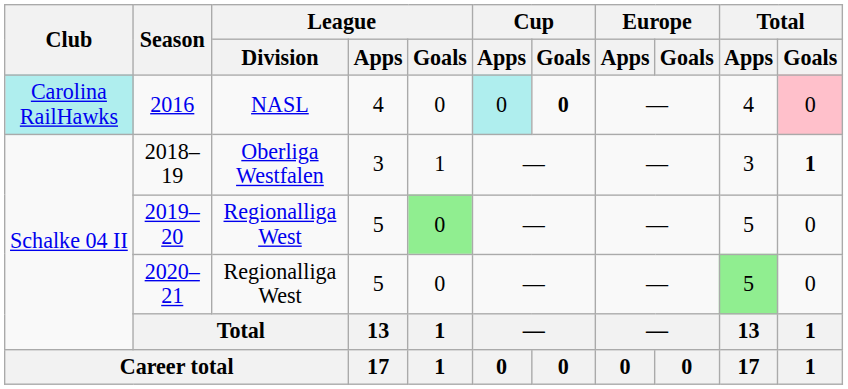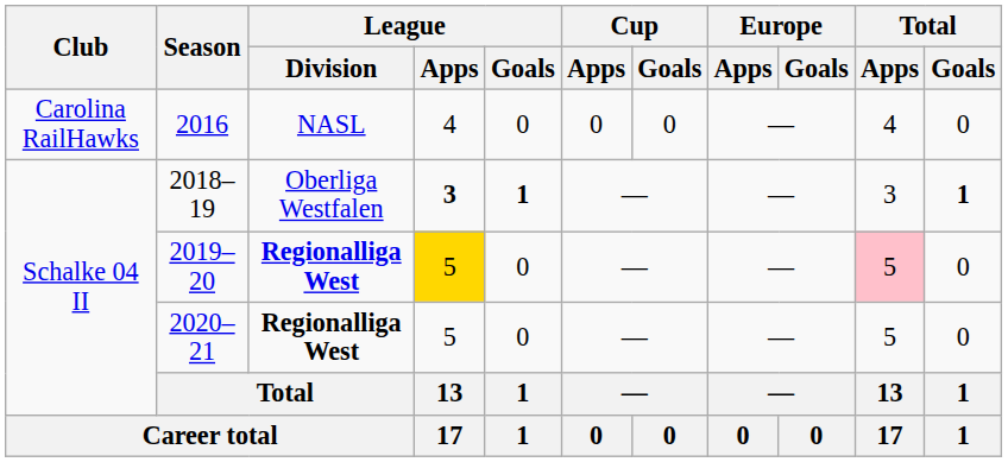 <table class="wikitable" style="text-align:center">
 <tr>
 <th rowspan="2">Club</th>
 <th rowspan="2">Season</th>
 <th colspan="3">League</th>
 <th colspan="2">Cup</th>
 <th colspan="2">Europe</th>
 <th colspan="2">Total</th>
 </tr>
 <tr>
 <th>Division</th>
 <th>Apps</th>
 <th>Goals</th>
 <th>Apps</th>
 <th>Goals</th>
 <th>Apps</th>
 <th>Goals</th>
 <th>Apps</th>
 <th>Goals</th>
 </tr>
 <tr>
-<td style="background: paleturquoise;"><a href='#'>Carolina RailHawks</a></td>
+<td><a href='#'>Carolina RailHawks</a></td>
 <td><a href='#'>2016</a></td>
 <td><a href='#'>NASL</a></td>
 <td>4</td>
 <td>0</td>
-<td style="background: paleturquoise;">0</td>
-<td><strong>0</strong></td>
+<td>0</td>
+<td>0</td>
 <td colspan="2">—</td>
 <td>4</td>
-<td style="background: pink;">0</td>
+<td>0</td>
 </tr>
 <tr>
 <td rowspan="4"><a href='#'>Schalke 04 II</a></td>
 <td>2018–19</td>
 <td><a href='#'>Oberliga Westfalen</a></td>
-<td>3</td>
-<td>1</td>
+<td><strong>3</strong></td>
+<td><strong>1</strong></td>
 <td colspan="2">—</td>
 <td colspan="2">—</td>
 <td>3</td>
 <td><strong>1</strong></td>
 </tr>
 <tr>
 <td><a href='#'>2019–20</a></td>
-<td><a href='#'>Regionalliga West</a></td>
-<td>5</td>
-<td style="background: lightgreen;">0</td>
+<td><strong><a href='#'>Regionalliga West</a></strong></td>
+<td style="background: gold;">5</td>
+<td>0</td>
 <td colspan="2">—</td>
 <td colspan="2">—</td>
-<td>5</td>
+<td style="background: pink;">5</td>
 <td>0</td>
 </tr>
 <tr>
 <td><a href='#'>2020–21</a></td>
-<td>Regionalliga West</td>
+<td><strong>Regionalliga West</strong></td>
 <td>5</td>
 <td>0</td>
 <td colspan="2">—</td>
 <td colspan="2">—</td>
-<td style="background: lightgreen;">5</td>
+<td>5</td>
 <td>0</td>
 </tr>
 <tr>
 <th colspan=2>Total</th>
 <th>13</th>
 <th>1</th>
 <th colspan="2">—</th>
 <th colspan="2">—</th>
 <th>13</th>
 <th>1</th>
 </tr>
 <tr>
 <th colspan="3">Career total</th>
 <th>17</th>
 <th>1</th>
 <th>0</th>
 <th>0</th>
 <th>0</th>
 <th>0</th>
 <th>17</th>
 <th>1</th>
 </tr>
 </table>
